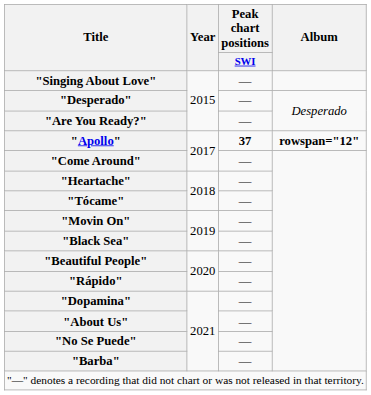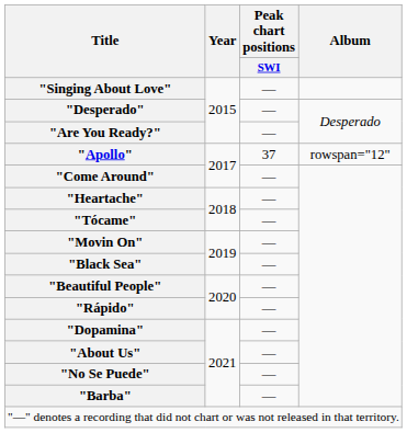 <table class="wikitable plainrowheaders" style="text-align:center;">
 <tr>
 <th scope="col" rowspan="2" style="width:14em;">Title</th>
 <th scope="col" rowspan="2" style="width:1em;">Year</th>
 <th scope="col" colspan="1">Peak chart positions</th>
 <th scope="col" rowspan="2">Album</th>
 </tr>
 <tr>
 <th scope="col" style="width:3em;font-size:85%;"><a href='#'>SWI</a><br></th>
 </tr>
 <tr>
 <th scope="row">"Singing About Love"</th>
 <td rowspan="3">2015</td>
 <td>—</td>
 <td></td>
 </tr>
 <tr>
 <th scope="row">"Desperado"</th>
 <td>—</td>
 <td rowspan="2"><em>Desperado</em></td>
 </tr>
 <tr>
 <th scope="row">"Are You Ready?"</th>
 <td>—</td>
 </tr>
 <tr>
 <th scope="row">"<a href='#'>Apollo</a>"</th>
 <td rowspan="2">2017</td>
-<td><strong>37</strong></td>
-<td><strong>rowspan="12" </strong></td>
+<td>37</td>
+<td>rowspan="12" </td>
 </tr>
 <tr>
 <th scope="row">"Come Around"</th>
 <td>—</td>
 </tr>
 <tr>
 <th scope="row">"Heartache"<br></th>
 <td rowspan="2">2018</td>
 <td>—</td>
 </tr>
 <tr>
 <th scope="row">"Tócame"<br></th>
 <td>—</td>
 </tr>
 <tr>
 <th scope="row">"Movin On"<br></th>
 <td rowspan="2">2019</td>
 <td>—</td>
 </tr>
 <tr>
 <th scope="row">"Black Sea"</th>
 <td>—</td>
 </tr>
 <tr>
 <th scope="row">"Beautiful People"<br></th>
 <td rowspan="2">2020</td>
 <td>—</td>
 </tr>
 <tr>
 <th scope="row">"Rápido"<br></th>
 <td>—</td>
 </tr>
 <tr>
 <th scope="row">"Dopamina"</th>
 <td rowspan="4">2021</td>
 <td>—</td>
 </tr>
 <tr>
 <th scope="row">"About Us"</th>
 <td>—</td>
 </tr>
 <tr>
 <th scope="row">"No Se Puede"</th>
 <td>—</td>
 </tr>
 <tr>
 <th scope="row">"Barba"<br></th>
 <td>—</td>
 </tr>
 <tr>
 <td colspan="14" style="font-size:90%">"—" denotes a recording that did not chart or was not released in that territory.</td>
 </tr>
 </table>
